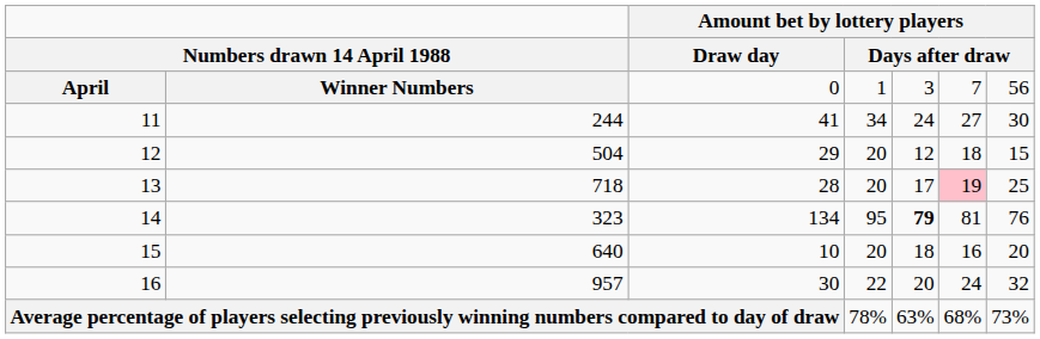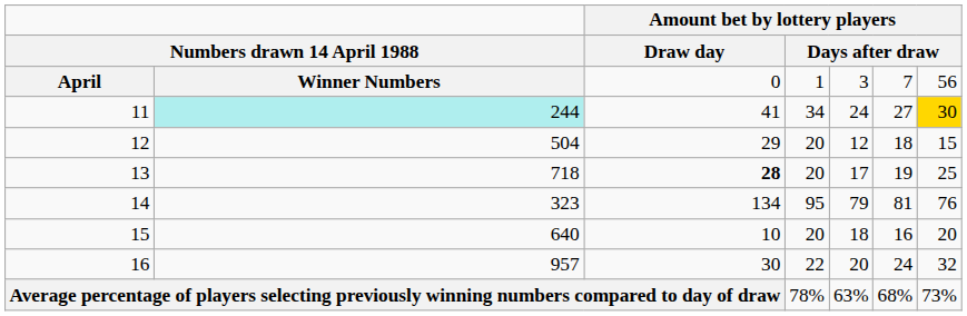 <table class="wikitable" style="text-align:right;">
 <tr>
 <td colspan="2"></td>
 <th colspan="5">Amount  bet by lottery players</th>
 </tr>
 <tr>
 <th colspan="2">Numbers drawn 14 April 1988</th>
 <th>Draw day</th>
 <th colspan="4">Days after draw</th>
 </tr>
 <tr>
 <th>April</th>
 <th>Winner Numbers</th>
 <td>0</td>
 <td>1</td>
 <td>3</td>
 <td>7</td>
 <td>56</td>
 </tr>
 <tr>
 <td>11</td>
-<td>244</td>
+<td style="background: paleturquoise;">244</td>
 <td>41</td>
 <td>34</td>
 <td>24</td>
 <td>27</td>
-<td>30</td>
+<td style="background: gold;">30</td>
 </tr>
 <tr>
 <td>12</td>
 <td>504</td>
 <td>29</td>
 <td>20</td>
 <td>12</td>
 <td>18</td>
 <td>15</td>
 </tr>
 <tr>
 <td>13</td>
 <td>718</td>
-<td>28</td>
+<td><strong>28</strong></td>
 <td>20</td>
 <td>17</td>
-<td style="background: pink;">19</td>
+<td>19</td>
 <td>25</td>
 </tr>
 <tr>
 <td>14</td>
 <td>323</td>
 <td>134</td>
 <td>95</td>
-<td><strong>79</strong></td>
+<td>79</td>
 <td>81</td>
 <td>76</td>
 </tr>
 <tr>
 <td>15</td>
 <td>640</td>
 <td>10</td>
 <td>20</td>
 <td>18</td>
 <td>16</td>
 <td>20</td>
 </tr>
 <tr>
 <td>16</td>
 <td>957</td>
 <td>30</td>
 <td>22</td>
 <td>20</td>
 <td>24</td>
 <td>32</td>
 </tr>
 <tr>
 <th colspan="3">Average percentage of players selecting previously winning numbers compared to day of draw</th>
 <td>78%</td>
 <td>63%</td>
 <td>68%</td>
 <td>73%</td>
 </tr>
 </table>
